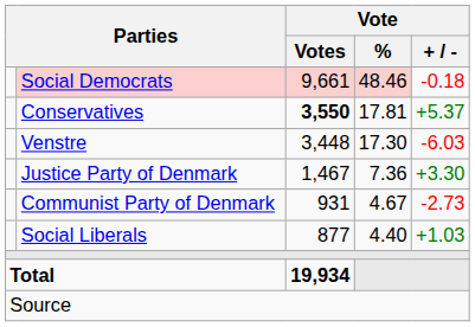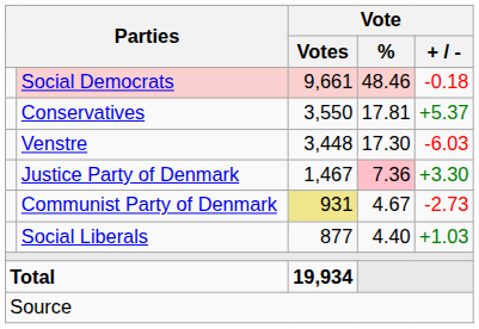 <table class="wikitable" style="text-align:right;">
 <tr>
 <th style="text-align:centre;" rowspan="2" colspan="2" width="225">Parties</th>
 <th colspan="3">Vote</th>
 </tr>
 <tr>
 <th width="15">Votes</th>
 <th width="15">%</th>
 <th width="15">+ / -</th>
 </tr>
 <tr>
 <td width="2" style="color:inherit;background:"></td>
 <td bgcolor=#fbd0ce  align="left"><a href='#'>Social Democrats</a></td>
 <td bgcolor=#fbd0ce>9,661</td>
 <td bgcolor=#fbd0ce>48.46</td>
 <td style=color:red;>-0.18</td>
 </tr>
 <tr>
 <td width="2" style="color:inherit;background:"></td>
 <td align="left"><a href='#'>Conservatives</a></td>
-<td><strong>3,550</strong></td>
+<td>3,550</td>
 <td>17.81</td>
 <td style=color:green;>+5.37</td>
 </tr>
 <tr>
 <td width="2" style="color:inherit;background:"></td>
 <td align="left"><a href='#'>Venstre</a></td>
 <td>3,448</td>
 <td>17.30</td>
 <td style=color:red;>-6.03</td>
 </tr>
 <tr>
 <td width="2" style="color:inherit;background:"></td>
 <td align="left"><a href='#'>Justice Party of Denmark</a></td>
 <td>1,467</td>
-<td>7.36</td>
+<td style="background: pink;">7.36</td>
 <td style=color:green;>+3.30</td>
 </tr>
 <tr>
 <td width="2" style="color:inherit;background:"></td>
 <td align="left"><a href='#'>Communist Party of Denmark</a></td>
-<td>931</td>
+<td style="background: khaki;">931</td>
 <td>4.67</td>
 <td style=color:red;>-2.73</td>
 </tr>
 <tr>
 <td width="2" style="color:inherit;background:"></td>
 <td align="left"><a href='#'>Social Liberals</a></td>
 <td>877</td>
 <td>4.40</td>
 <td style=color:green;>+1.03</td>
 </tr>
 <tr>
 <td colspan="7" bgcolor="#E9E9E9"></td>
 </tr>
 <tr>
 <td align="left" colspan="2"><strong>Total</strong></td>
 <td><strong>19,934</strong></td>
 <td bgcolor="#E9E9E9" colspan="2"></td>
 </tr>
 <tr>
 <td align="left" colspan="6">Source</td>
 </tr>
 </table>
